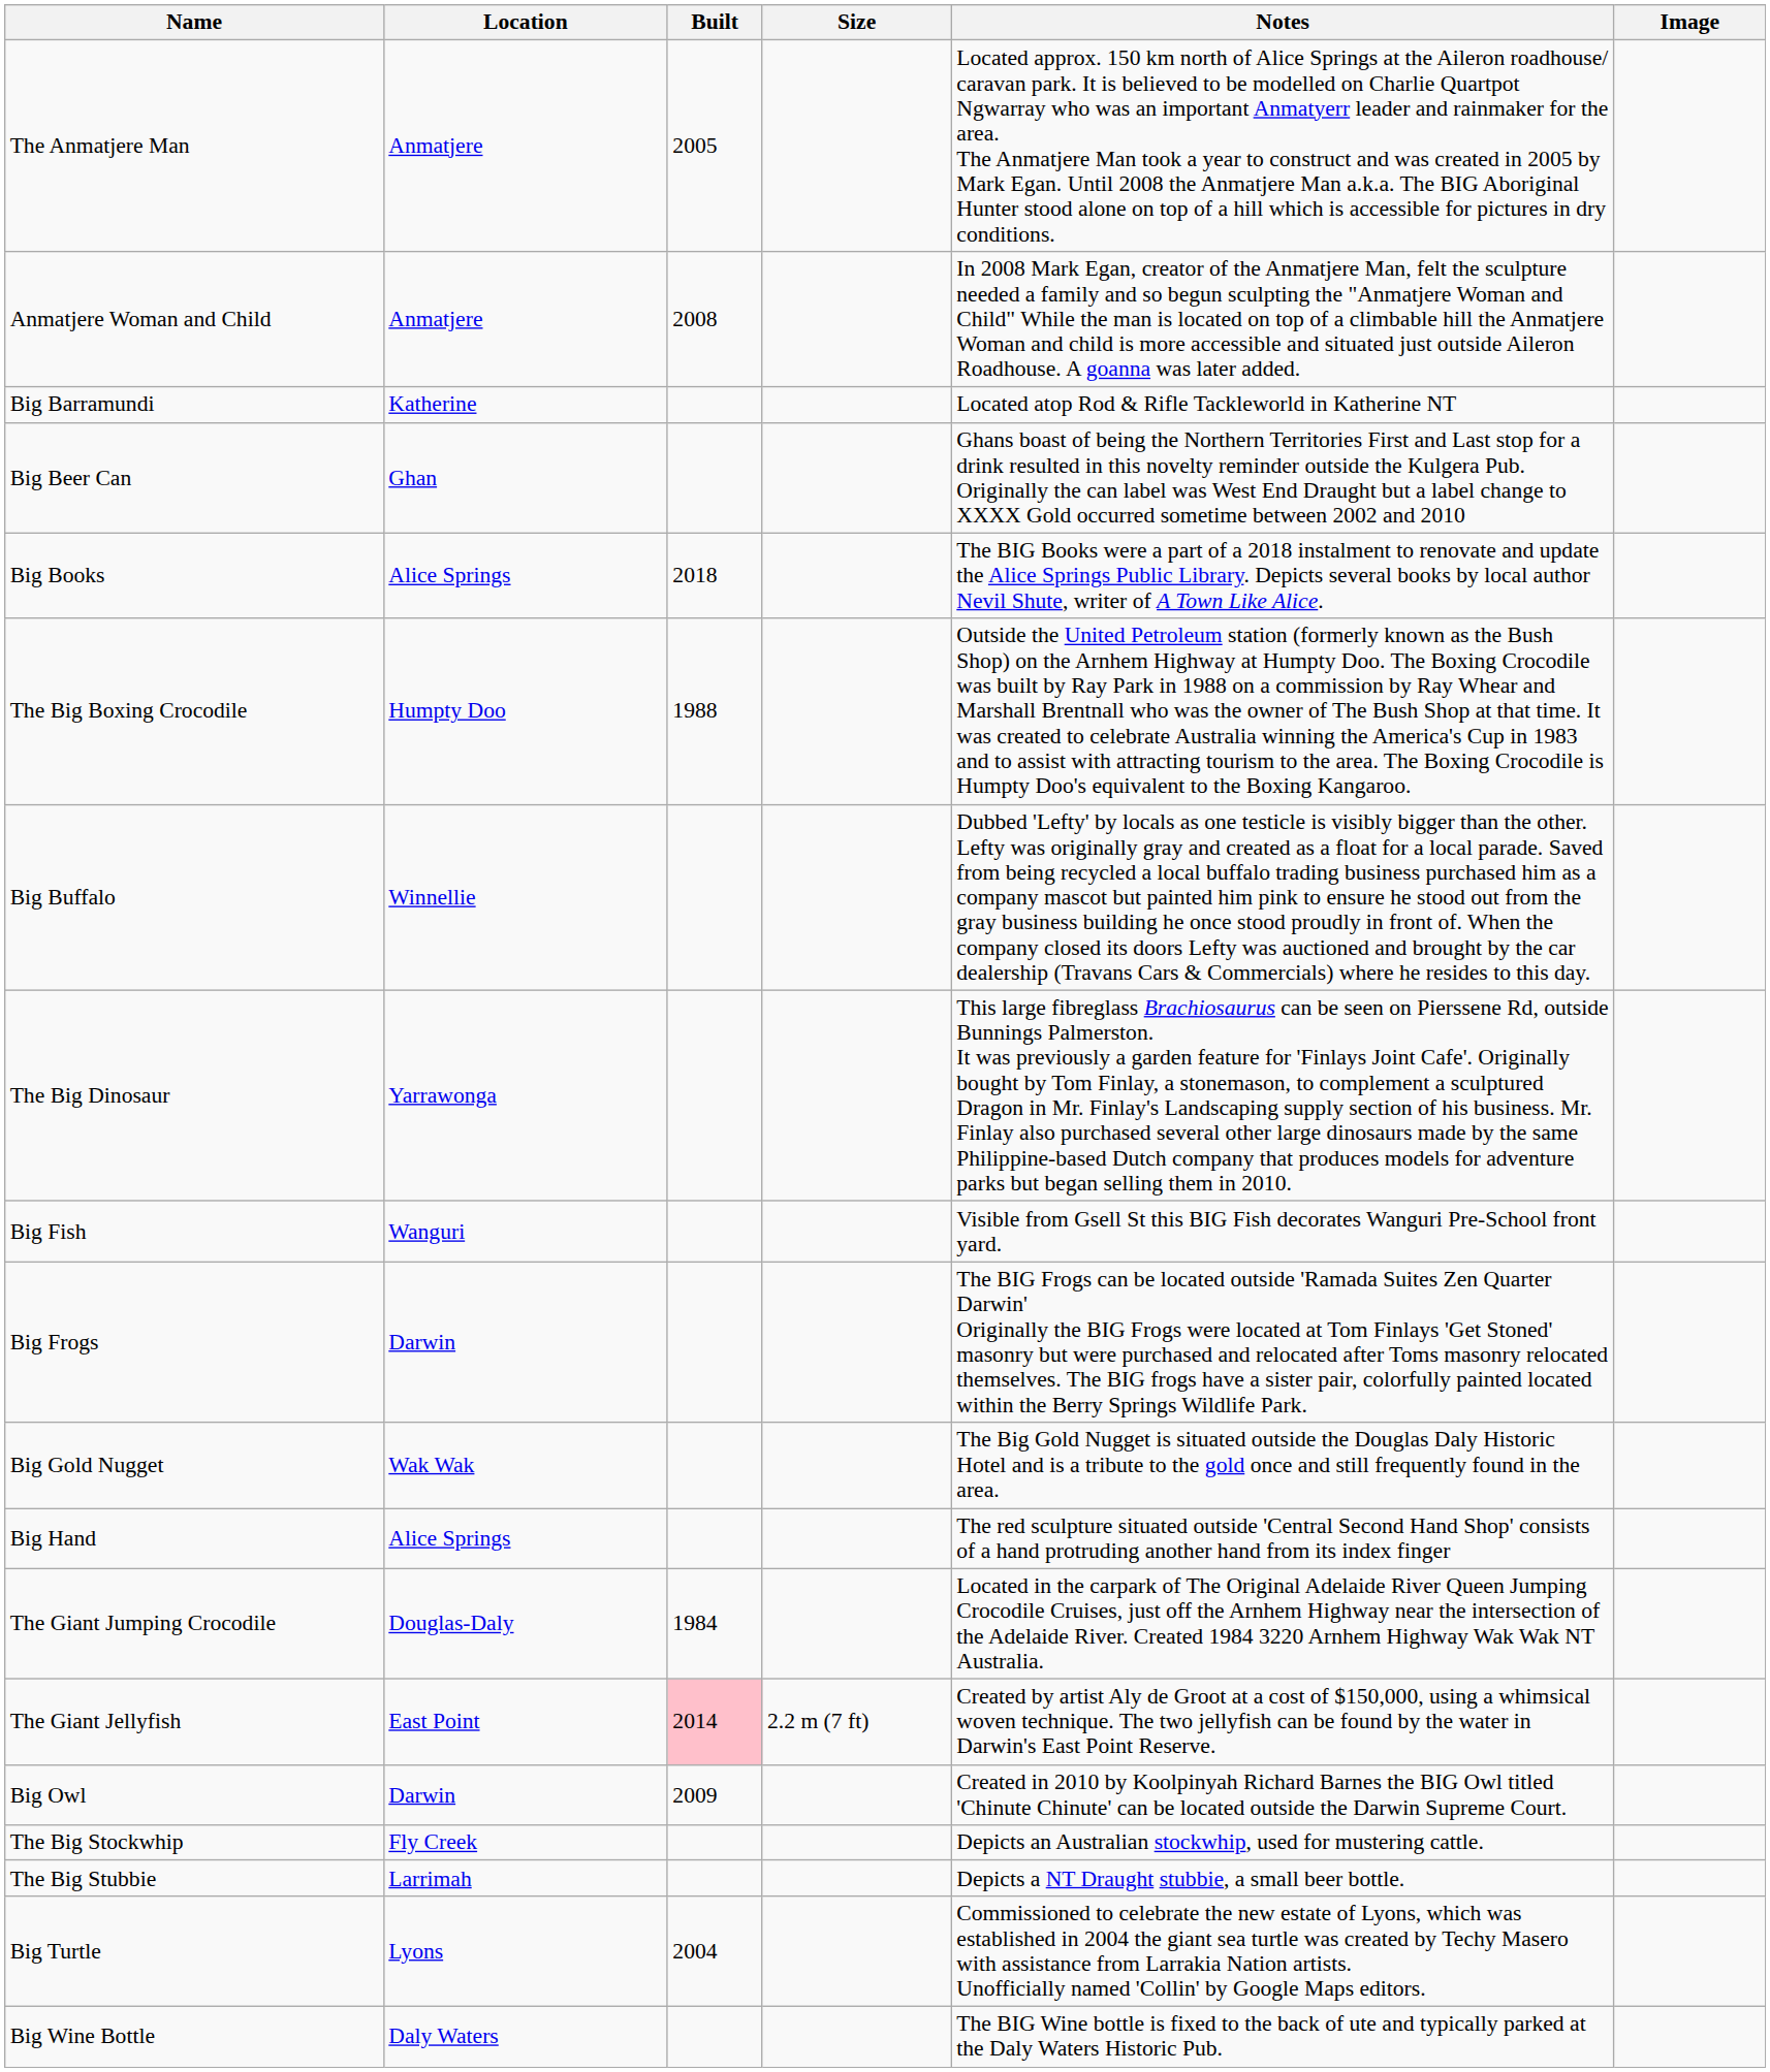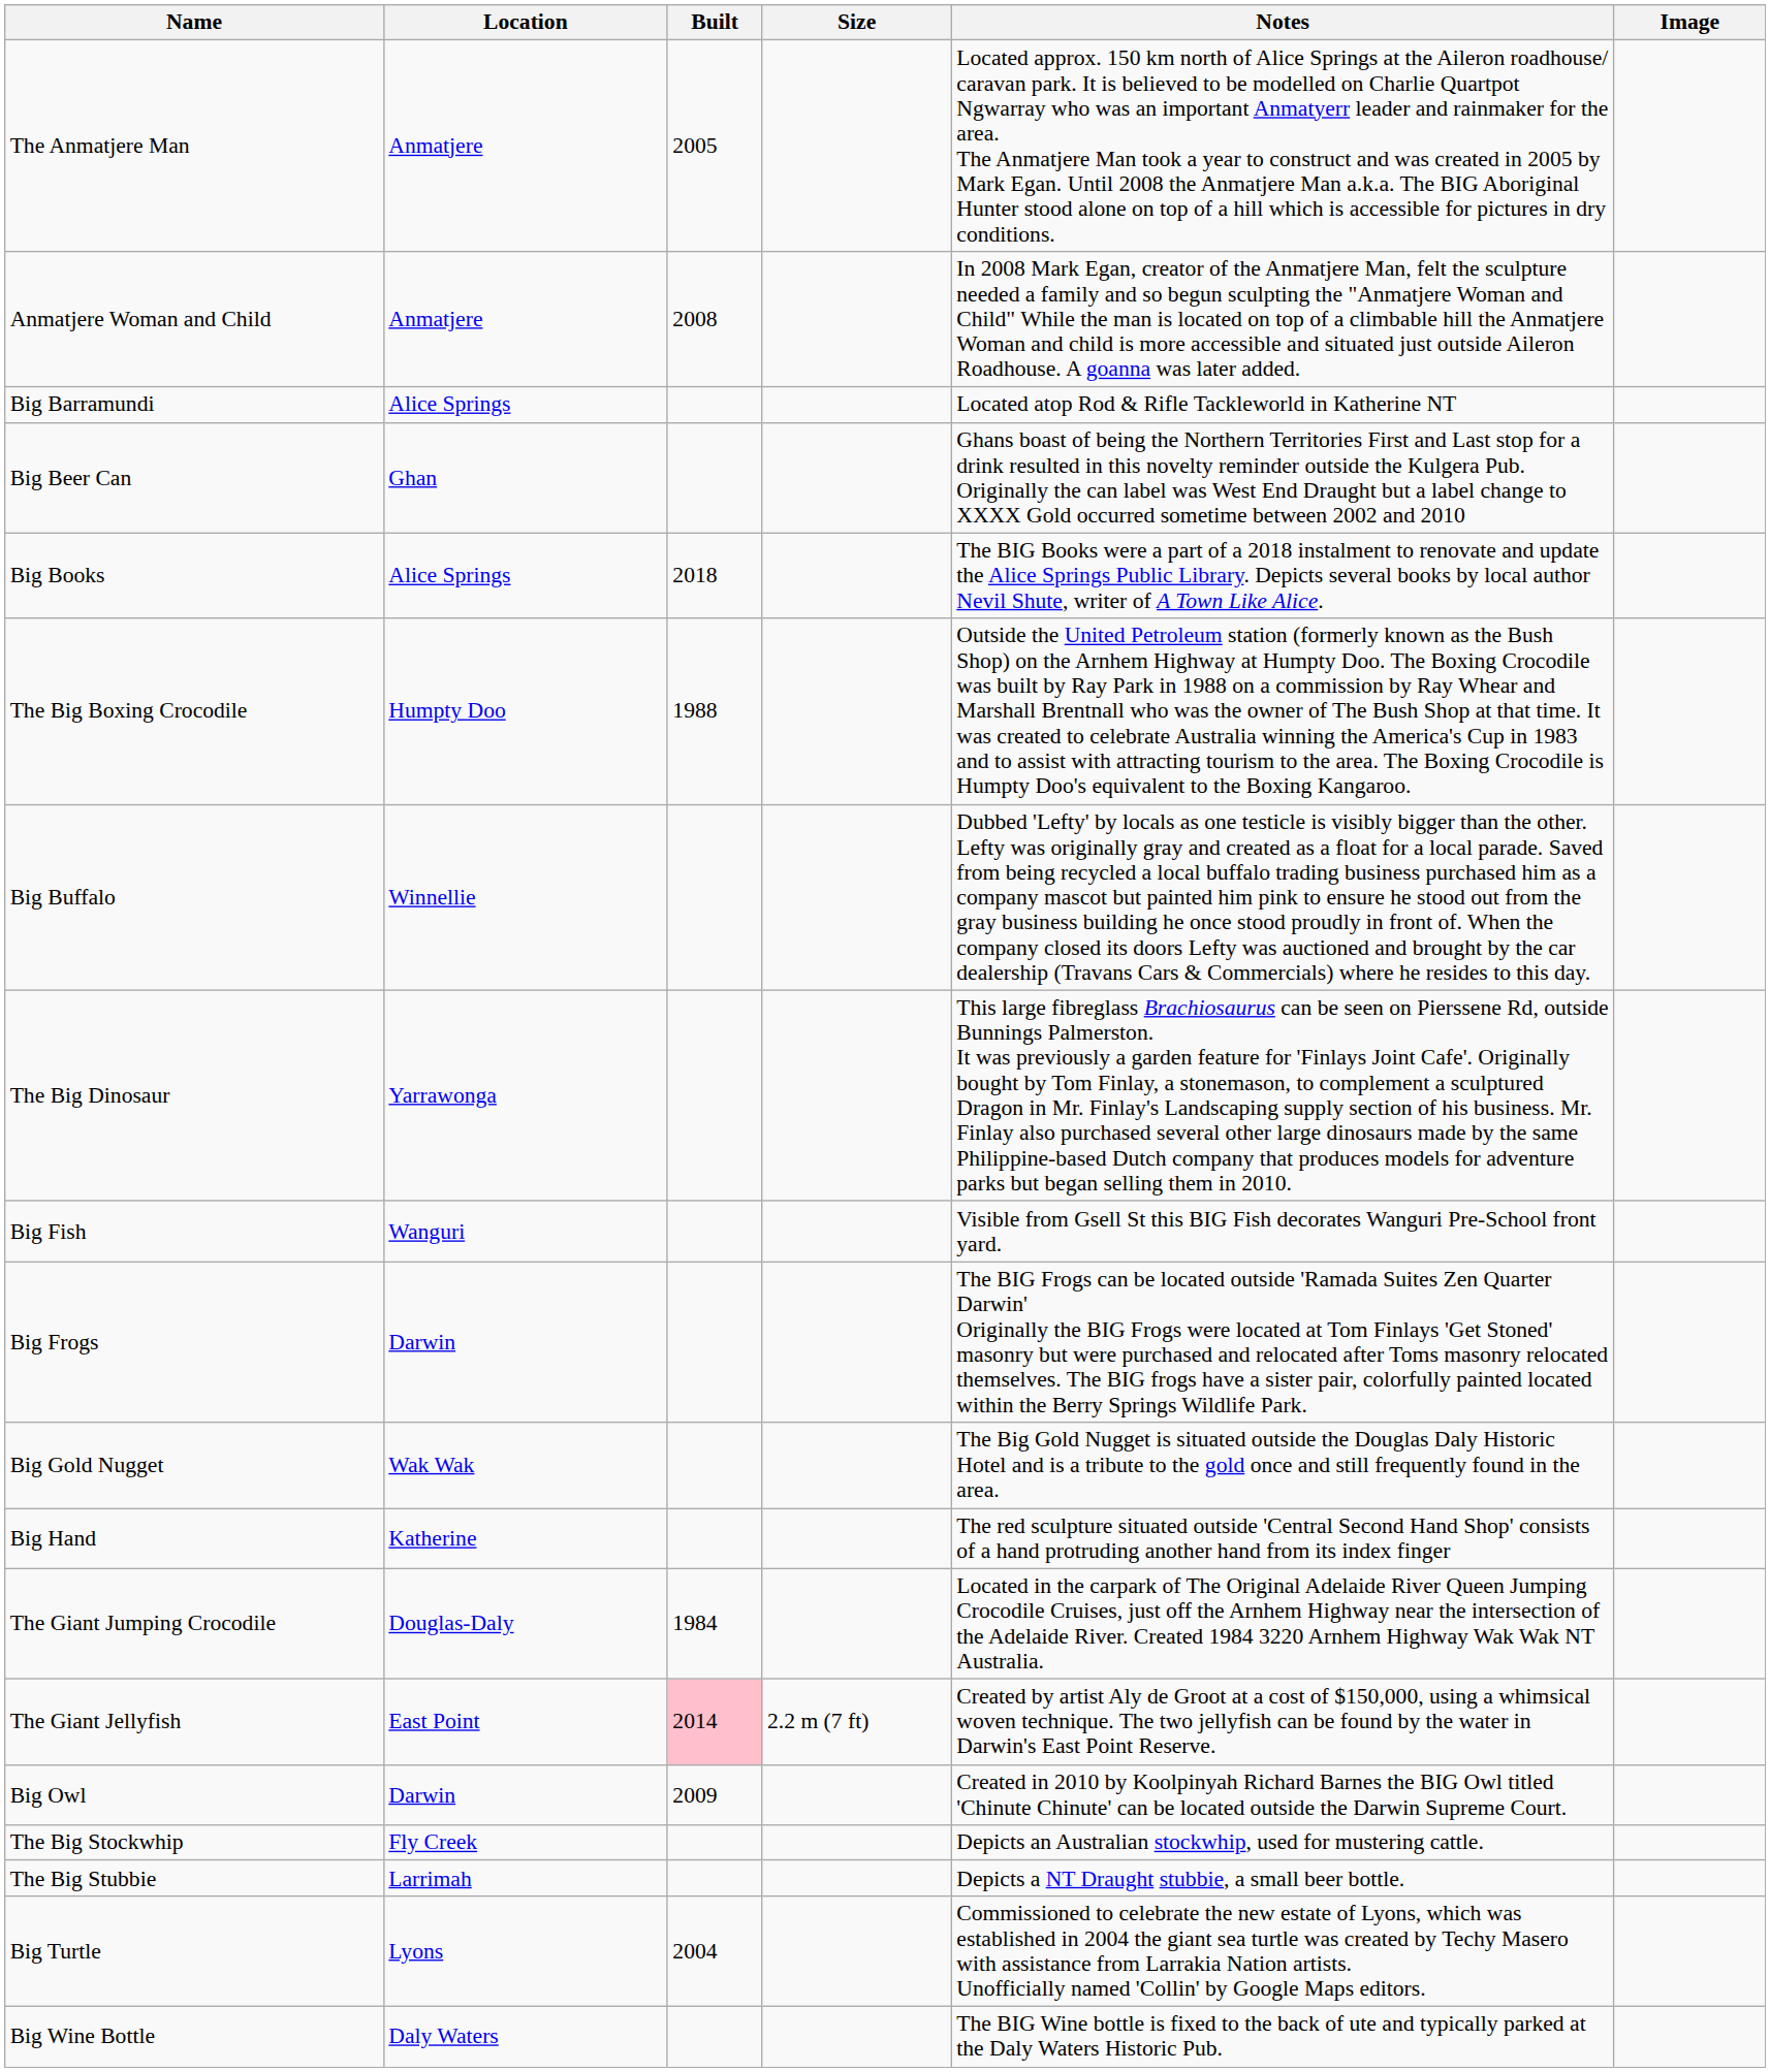 <table class="wikitable sortable" style="width:100%;">
 <tr>
 <th style="width:20%;">Name</th>
 <th style="width:15%;">Location</th>
 <th style="width:5%;">Built</th>
 <th style="width:10%;">Size</th>
 <th style="width:35%;">Notes</th>
 <th style="width:8%;">Image</th>
 </tr>
 <tr>
 <td>The Anmatjere Man</td>
 <td><a href='#'>Anmatjere</a></td>
 <td>2005</td>
 <td></td>
 <td>Located approx. 150 km north of Alice Springs at the Aileron roadhouse/ caravan park. It is believed to be modelled on Charlie Quartpot Ngwarray who was an important <a href='#'>Anmatyerr</a> leader and rainmaker for the area.<br>The Anmatjere Man took a year to construct and was created in 2005 by Mark Egan. Until 2008 the Anmatjere Man a.k.a. The BIG Aboriginal Hunter stood alone on top of a hill which is accessible for pictures in dry conditions.</td>
 <td></td>
 </tr>
 <tr>
 <td>Anmatjere Woman and Child</td>
 <td><a href='#'>Anmatjere</a></td>
 <td>2008</td>
 <td></td>
 <td>In 2008 Mark Egan, creator of the Anmatjere Man, felt the sculpture needed a family and so begun sculpting the "Anmatjere Woman and Child" While the man is located on top of a climbable hill the Anmatjere Woman and child is more accessible and situated just outside Aileron Roadhouse. A <a href='#'>goanna</a> was later added.</td>
 <td></td>
 </tr>
 <tr>
 <td>Big Barramundi</td>
-<td><a href='#'>Katherine</a></td>
+<td><a href='#'>Alice Springs</a></td>
 <td></td>
 <td></td>
 <td>Located atop Rod & Rifle Tackleworld in Katherine NT</td>
 <td></td>
 </tr>
 <tr>
 <td>Big Beer Can</td>
 <td><a href='#'>Ghan</a></td>
 <td></td>
 <td></td>
 <td>Ghans boast of being the Northern Territories First and Last stop for a drink resulted in this novelty reminder outside the Kulgera Pub.<br>Originally the can label was West End Draught but a label change to XXXX Gold occurred sometime between 2002 and 2010</td>
 <td></td>
 </tr>
 <tr>
 <td>Big Books</td>
 <td><a href='#'>Alice Springs</a></td>
 <td>2018</td>
 <td></td>
 <td>The BIG Books were a part of a 2018 instalment to renovate and update the <a href='#'>Alice Springs Public Library</a>. Depicts several books by local author <a href='#'>Nevil Shute</a>, writer of <em><a href='#'>A Town Like Alice</a></em>.</td>
 <td></td>
 </tr>
 <tr>
 <td>The Big Boxing Crocodile</td>
 <td><a href='#'>Humpty Doo</a></td>
 <td>1988</td>
 <td></td>
 <td>Outside the <a href='#'>United Petroleum</a> station (formerly known as the Bush Shop) on the Arnhem Highway at Humpty Doo. The Boxing Crocodile was built by Ray Park in 1988 on a commission by Ray Whear and Marshall Brentnall who was the owner of The Bush Shop at that time. It was created to celebrate Australia winning the America's Cup in 1983 and to assist with attracting tourism to the area. The Boxing Crocodile is Humpty Doo's equivalent to the Boxing Kangaroo.</td>
 <td></td>
 </tr>
 <tr>
 <td>Big Buffalo</td>
 <td><a href='#'>Winnellie</a></td>
 <td></td>
 <td></td>
 <td>Dubbed 'Lefty' by locals as one testicle is visibly bigger than the other.<br>Lefty was originally gray and created as a float for a local parade. Saved from being recycled a local buffalo trading business purchased him as a company mascot but painted him pink to ensure he stood out from the gray business building he once stood proudly in front of. When the company closed its doors Lefty was auctioned and brought by the car dealership (Travans Cars & Commercials) where he resides to this day.</td>
 <td></td>
 </tr>
 <tr>
 <td>The Big Dinosaur</td>
 <td><a href='#'>Yarrawonga</a></td>
 <td></td>
 <td></td>
 <td>This large fibreglass <em><a href='#'>Brachiosaurus</a></em> can be seen on Pierssene Rd, outside Bunnings Palmerston.<br>It was previously a garden feature for 'Finlays Joint Cafe'. Originally bought by Tom Finlay, a stonemason, to complement a sculptured Dragon in Mr. Finlay's Landscaping supply section of his business. Mr. Finlay also purchased several other large dinosaurs made by the same Philippine-based Dutch company that produces models for adventure parks but began selling them in 2010.</td>
 <td></td>
 </tr>
 <tr>
 <td>Big Fish</td>
 <td><a href='#'>Wanguri</a></td>
 <td></td>
 <td></td>
 <td>Visible from Gsell St this BIG Fish decorates Wanguri Pre-School front yard.</td>
 <td></td>
 </tr>
 <tr>
 <td>Big Frogs</td>
 <td><a href='#'>Darwin</a></td>
 <td></td>
 <td></td>
 <td>The BIG Frogs can be located outside 'Ramada Suites Zen Quarter Darwin'<br>Originally the BIG Frogs were located at Tom Finlays 'Get Stoned' masonry but were purchased and relocated after Toms masonry relocated themselves. The BIG frogs have a sister pair, colorfully painted located within the Berry Springs Wildlife Park.</td>
 <td></td>
 </tr>
 <tr>
 <td>Big Gold Nugget</td>
 <td><a href='#'>Wak Wak</a></td>
 <td></td>
 <td></td>
 <td>The Big Gold Nugget is situated outside the Douglas Daly Historic Hotel and is a tribute to the <a href='#'>gold</a> once and still frequently found in the area.</td>
 <td></td>
 </tr>
 <tr>
 <td>Big Hand</td>
-<td><a href='#'>Alice Springs</a></td>
+<td><a href='#'>Katherine</a></td>
 <td></td>
 <td></td>
 <td>The red sculpture situated outside 'Central Second Hand Shop' consists of a hand protruding another hand from its index finger</td>
 <td></td>
 </tr>
 <tr>
 <td>The Giant Jumping Crocodile</td>
 <td><a href='#'>Douglas-Daly</a></td>
 <td>1984</td>
 <td></td>
 <td>Located in the carpark of The Original Adelaide River Queen Jumping Crocodile Cruises, just off the Arnhem Highway near the intersection of the Adelaide River. Created 1984 3220 Arnhem Highway Wak Wak NT Australia.</td>
 <td></td>
 </tr>
 <tr>
 <td>The Giant Jellyfish</td>
 <td><a href='#'>East Point</a></td>
 <td style="background: pink;">2014</td>
 <td>2.2 m (7 ft)</td>
 <td>Created by artist Aly de Groot at a cost of $150,000, using a whimsical woven technique. The two jellyfish can be found by the water in Darwin's East Point Reserve.</td>
 <td></td>
 </tr>
 <tr>
 <td>Big Owl</td>
 <td><a href='#'>Darwin</a></td>
 <td>2009</td>
 <td></td>
 <td>Created in 2010 by Koolpinyah Richard Barnes the BIG Owl titled 'Chinute Chinute' can be located outside the Darwin Supreme Court.</td>
 <td></td>
 </tr>
 <tr>
 <td>The Big Stockwhip</td>
 <td><a href='#'>Fly Creek</a></td>
 <td></td>
 <td></td>
 <td>Depicts an Australian <a href='#'>stockwhip</a>, used for mustering cattle.</td>
 <td></td>
 </tr>
 <tr>
 <td>The Big Stubbie</td>
 <td><a href='#'>Larrimah</a></td>
 <td></td>
 <td></td>
 <td>Depicts a <a href='#'>NT Draught</a> <a href='#'>stubbie</a>, a small beer bottle.</td>
 <td></td>
 </tr>
 <tr>
 <td>Big Turtle</td>
 <td><a href='#'>Lyons</a></td>
 <td>2004</td>
 <td></td>
 <td>Commissioned to celebrate the new estate of Lyons, which was established in 2004 the giant sea turtle was created by Techy Masero with assistance from Larrakia Nation artists.<br>Unofficially named 'Collin' by Google Maps editors.</td>
 <td></td>
 </tr>
 <tr>
 <td>Big Wine Bottle</td>
 <td><a href='#'>Daly Waters</a></td>
 <td></td>
 <td></td>
 <td>The BIG Wine bottle is fixed to the back of ute and typically parked at the Daly Waters Historic Pub.</td>
 <td></td>
 </tr>
 </table>
